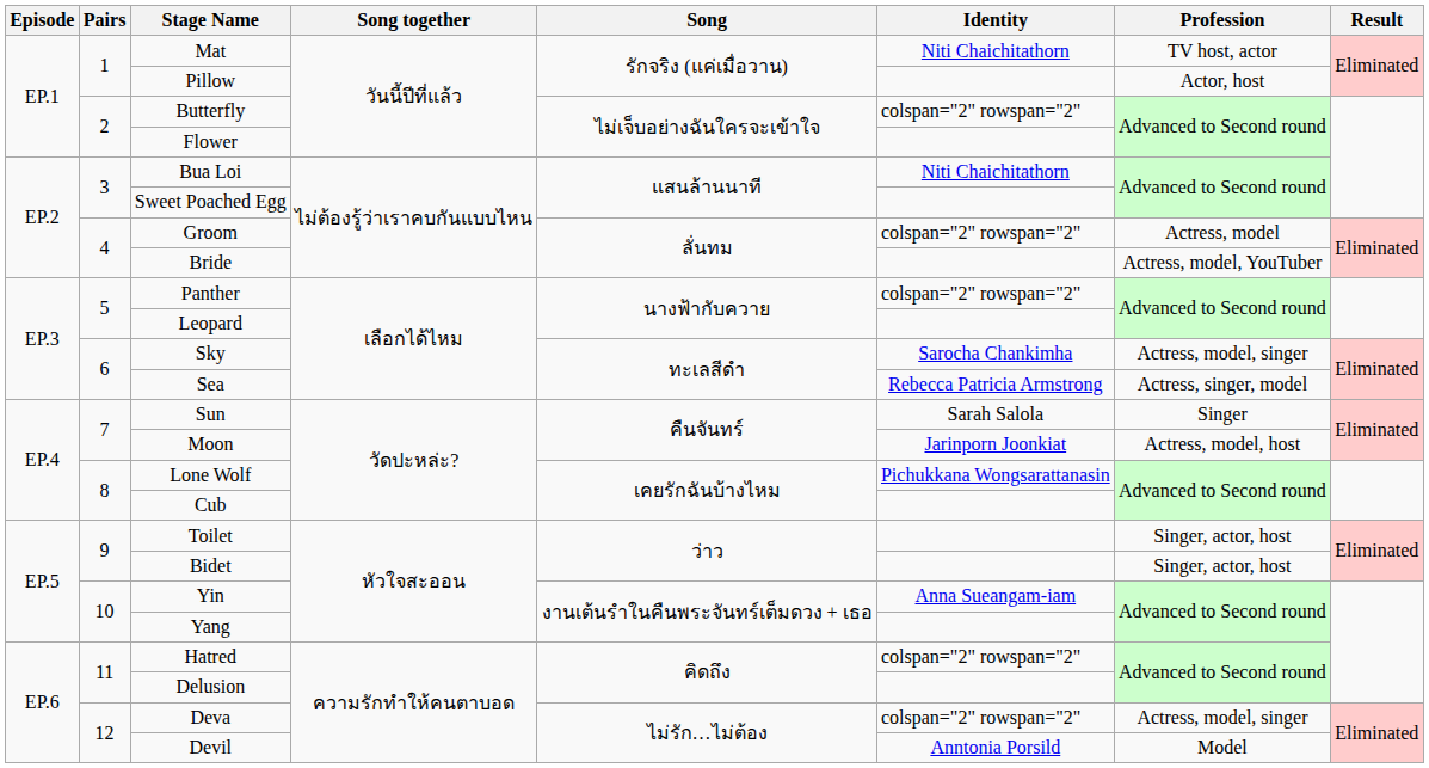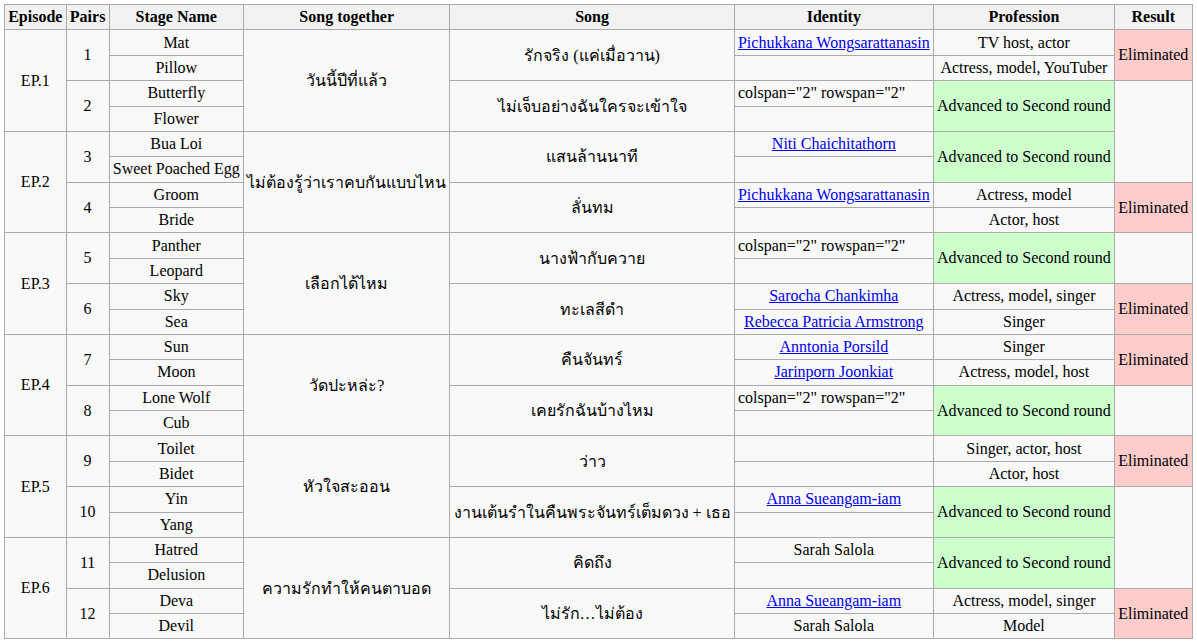 <table class="wikitable">
 <tr>
 <th>Episode</th>
 <th>Pairs</th>
 <th>Stage Name</th>
 <th>Song together</th>
 <th>Song</th>
 <th>Identity</th>
 <th>Profession</th>
 <th>Result</th>
 </tr>
 <tr>
 <td rowspan="4" style="text-align:center;">EP.1</td>
 <td rowspan="2" style="text-align:center;">1</td>
 <td style="text-align:center;">Mat</td>
 <td rowspan="4" style="text-align:center;">วันนี้ปีที่แล้ว</td>
 <td rowspan="2" style="text-align:center;">รักจริง (แค่เมื่อวาน)</td>
-<td style="text-align:center;"><a href='#'>Niti Chaichitathorn</a></td>
+<td style="text-align:center;"><a href='#'>Pichukkana Wongsarattanasin</a></td>
 <td style="text-align:center;">TV host, actor</td>
 <td rowspan="2" style="text-align:center; background:#ffcccc;">Eliminated</td>
 </tr>
 <tr>
 <td style="text-align:center;">Pillow</td>
 <td style="text-align:center;"></td>
-<td style="text-align:center;">Actor, host</td>
+<td style="text-align:center;">Actress, model, YouTuber</td>
 </tr>
 <tr>
 <td rowspan="2" style="text-align:center;">2</td>
 <td style="text-align:center;">Butterfly</td>
 <td rowspan="2" style="text-align:center;">ไม่เจ็บอย่างฉันใครจะเข้าใจ</td>
 <td>colspan="2" rowspan="2" </td>
 <td rowspan="2" style="text-align:center; background:#ccffcc;">Advanced to Second round</td>
 </tr>
 <tr>
 <td style="text-align:center;">Flower</td>
 </tr>
 <tr>
 <td rowspan="4" style="text-align:center;">EP.2</td>
 <td rowspan="2" style="text-align:center;">3</td>
 <td style="text-align:center;">Bua Loi</td>
 <td rowspan="4" style="text-align:center;">ไม่ต้องรู้ว่าเราคบกันแบบไหน</td>
 <td rowspan="2" style="text-align:center;">แสนล้านนาที</td>
 <td style="text-align:center;"><a href='#'>Niti Chaichitathorn</a></td>
 <td rowspan="2" style="text-align:center; background:#ccffcc;">Advanced to Second round</td>
 </tr>
 <tr>
 <td style="text-align:center;">Sweet Poached Egg</td>
 </tr>
 <tr>
 <td rowspan="2" style="text-align:center;">4</td>
 <td style="text-align:center;">Groom</td>
 <td rowspan="2" style="text-align:center;">ลั่นทม</td>
-<td>colspan="2" rowspan="2" </td>
+<td style="text-align:center;"><a href='#'>Pichukkana Wongsarattanasin</a></td>
 <td style="text-align:center;">Actress, model</td>
 <td rowspan="2" style="text-align:center; background:#ffcccc;">Eliminated</td>
 </tr>
 <tr>
 <td style="text-align:center;">Bride</td>
 <td style="text-align:center;"></td>
-<td style="text-align:center;">Actress, model, YouTuber</td>
+<td style="text-align:center;">Actor, host</td>
 </tr>
 <tr>
 <td rowspan="4" style="text-align:center;">EP.3</td>
 <td rowspan="2" style="text-align:center;">5</td>
 <td style="text-align:center;">Panther</td>
 <td rowspan="4" style="text-align:center;">เลือกได้ไหม</td>
 <td rowspan="2" style="text-align:center;">นางฟ้ากับควาย</td>
 <td>colspan="2" rowspan="2" </td>
 <td rowspan="2" style="text-align:center; background:#ccffcc;">Advanced to Second round</td>
 </tr>
 <tr>
 <td style="text-align:center;">Leopard</td>
 </tr>
 <tr>
 <td rowspan="2" style="text-align:center;">6</td>
 <td style="text-align:center;">Sky</td>
 <td rowspan="2" style="text-align:center;">ทะเลสีดำ</td>
 <td style="text-align:center;"><a href='#'>Sarocha Chankimha</a></td>
 <td style="text-align:center;">Actress, model, singer</td>
 <td rowspan="2" style="text-align:center; background:#ffcccc;">Eliminated</td>
 </tr>
 <tr>
 <td style="text-align:center;">Sea</td>
 <td style="text-align:center;"><a href='#'>Rebecca Patricia Armstrong</a></td>
-<td style="text-align:center;">Actress, singer, model</td>
+<td style="text-align:center;">Singer</td>
 </tr>
 <tr>
 <td rowspan="4" style="text-align:center;">EP.4</td>
 <td rowspan="2" style="text-align:center;">7</td>
 <td style="text-align:center;">Sun</td>
 <td rowspan="4" style="text-align:center;">วัดปะหล่ะ?</td>
 <td rowspan="2" style="text-align:center;">คืนจันทร์</td>
-<td style="text-align:center;">Sarah Salola</td>
+<td style="text-align:center;"><a href='#'>Anntonia Porsild</a></td>
 <td style="text-align:center;">Singer</td>
 <td rowspan="2" style="text-align:center; background:#ffcccc;">Eliminated</td>
 </tr>
 <tr>
 <td style="text-align:center;">Moon</td>
 <td style="text-align:center;"><a href='#'>Jarinporn Joonkiat</a></td>
 <td style="text-align:center;">Actress, model, host</td>
 </tr>
 <tr>
 <td rowspan="2" style="text-align:center;">8</td>
 <td style="text-align:center;">Lone Wolf</td>
 <td rowspan="2" style="text-align:center;">เคยรักฉันบ้างไหม</td>
-<td style="text-align:center;"><a href='#'>Pichukkana Wongsarattanasin</a></td>
+<td>colspan="2" rowspan="2" </td>
 <td rowspan="2" style="text-align:center; background:#ccffcc;">Advanced to Second round</td>
 </tr>
 <tr>
 <td style="text-align:center;">Cub</td>
 </tr>
 <tr>
 <td rowspan="4" style="text-align:center;">EP.5</td>
 <td rowspan="2" style="text-align:center;">9</td>
 <td style="text-align:center;">Toilet</td>
 <td rowspan="4" style="text-align:center;">หัวใจสะออน</td>
 <td rowspan="2" style="text-align:center;">ว่าว</td>
 <td style="text-align:center;"></td>
 <td style="text-align:center;">Singer, actor, host</td>
 <td rowspan="2" style="text-align:center; background:#ffcccc;">Eliminated</td>
 </tr>
 <tr>
 <td style="text-align:center;">Bidet</td>
 <td style="text-align:center;"></td>
-<td style="text-align:center;">Singer, actor, host</td>
+<td style="text-align:center;">Actor, host</td>
 </tr>
 <tr>
 <td rowspan="2" style="text-align:center;">10</td>
 <td style="text-align:center;">Yin</td>
 <td rowspan="2" style="text-align:center;">งานเต้นรำในคืนพระจันทร์เต็มดวง + เธอ</td>
 <td style="text-align:center;"><a href='#'>Anna Sueangam-iam</a></td>
 <td rowspan="2" style="text-align:center; background:#ccffcc;">Advanced to Second round</td>
 </tr>
 <tr>
 <td style="text-align:center;">Yang</td>
 </tr>
 <tr>
 <td rowspan="4" style="text-align:center;">EP.6</td>
 <td rowspan="2" style="text-align:center;">11</td>
 <td style="text-align:center;">Hatred</td>
 <td rowspan="4" style="text-align:center;">ความรักทําให้คนตาบอด</td>
 <td rowspan="2" style="text-align:center;">คิดถึง</td>
-<td>colspan="2" rowspan="2" </td>
+<td style="text-align:center;">Sarah Salola</td>
 <td rowspan="2" style="text-align:center; background:#ccffcc;">Advanced to Second round</td>
 </tr>
 <tr>
 <td style="text-align:center;">Delusion</td>
 </tr>
 <tr>
 <td rowspan="2" style="text-align:center;">12</td>
 <td style="text-align:center;">Deva</td>
 <td rowspan="2" style="text-align:center;">ไม่รัก…ไม่ต้อง</td>
-<td>colspan="2" rowspan="2" </td>
+<td style="text-align:center;"><a href='#'>Anna Sueangam-iam</a></td>
 <td style="text-align:center;">Actress, model, singer</td>
 <td rowspan="2" style="text-align:center; background:#ffcccc;">Eliminated</td>
 </tr>
 <tr>
 <td style="text-align:center;">Devil</td>
-<td style="text-align:center;"><a href='#'>Anntonia Porsild</a></td>
+<td style="text-align:center;">Sarah Salola</td>
 <td style="text-align:center;">Model</td>
 </tr>
 </table>
